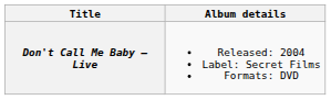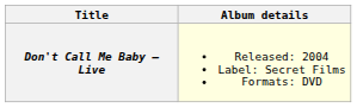 <table class="wikitable plainrowheaders" style="text-align:center;">
 <tr>
 <th scope="col" style="width:15em;">Title</th>
 <th scope="col" style="width:15em;">Album details</th>
 </tr>
 <tr>
 <th scope="row"><em>Don't Call Me Baby – Live</em></th>
-<td><br><ul><li>Released: 2004</li><li>Label: Secret Films</li><li>Formats: DVD</li></ul></td>
+<td style="background: lightyellow;"><br><ul><li>Released: 2004</li><li>Label: Secret Films</li><li>Formats: DVD</li></ul></td>
 </tr>
 </table>
